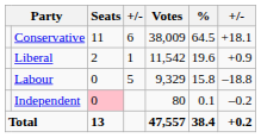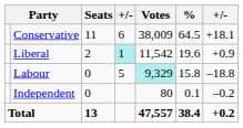 <table class="wikitable sortable">
 <tr>
 <th colspan="2">Party</th>
 <th>Seats</th>
 <th>+/-</th>
 <th>Votes</th>
 <th>%</th>
 <th>+/-</th>
 </tr>
 <tr>
 <td style="background-color: "></td>
 <td><a href='#'>Conservative</a></td>
 <td>11</td>
 <td> 6</td>
 <td style="text-align:right;">38,009</td>
 <td style="text-align:right;">64.5</td>
 <td style="text-align:right;">+18.1</td>
 </tr>
 <tr>
 <td style="background-color: "></td>
 <td><a href='#'>Liberal</a></td>
 <td>2</td>
-<td> 1</td>
+<td style="background: paleturquoise;"> 1</td>
 <td style="text-align:right;">11,542</td>
 <td style="text-align:right;">19.6</td>
 <td style="text-align:right;">+0.9</td>
 </tr>
 <tr>
 <td style="background-color: "></td>
 <td><a href='#'>Labour</a></td>
 <td>0</td>
 <td> 5</td>
-<td style="text-align:right;">9,329</td>
+<td style="background: paleturquoise; text-align:right;">9,329</td>
 <td style="text-align:right;">15.8</td>
 <td style="text-align:right;">–18.8</td>
 </tr>
 <tr>
 <td style="background-color: "></td>
 <td><a href='#'>Independent</a></td>
-<td style="background: pink;">0</td>
+<td>0</td>
 <td></td>
 <td style="text-align:right;">80</td>
 <td style="text-align:right;">0.1</td>
 <td style="text-align:right;">–0.2</td>
 </tr>
 <tr>
 <td colspan="2"><strong>Total</strong></td>
 <td><strong>13</strong></td>
 <td></td>
 <td style="text-align:right;"><strong>47,557</strong></td>
 <td style="text-align:right;"><strong>38.4</strong></td>
 <td style="text-align:right;"><strong>+0.2</strong></td>
 </tr>
 </table>
